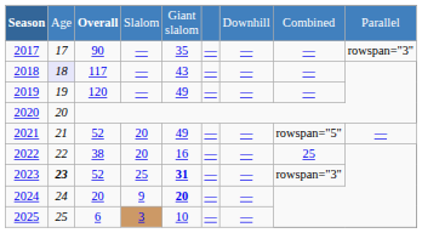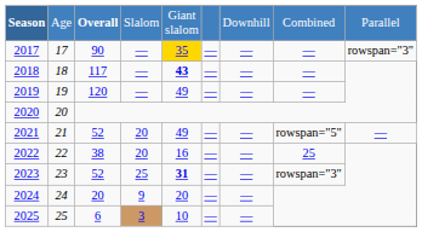 <table class="wikitable"  style="font-size:95%; text-align:center; border:gray solid 1px; width:40%;">
 <tr style="background:#369; color:white;">
 <td rowspan="2" style="width:6%;"><strong>Season</strong></td>
 </tr>
 <tr style="background:#4180be; color:white;">
 <td style="width:3%;">Age</td>
 <td style="width:5%;"><strong>Overall</strong></td>
 <td style="width:5%;">Slalom</td>
 <td style="width:5%;">Giant<br>slalom</td>
 <td style="width:5%;"></td>
 <td style="width:5%;">Downhill</td>
 <td style="width:5%;">Combined</td>
 <td style="width:5%;">Parallel</td>
 </tr>
 <tr>
 <td><a href='#'>2017</a></td>
 <td><em>17</em></td>
 <td><a href='#'>90</a></td>
 <td><a href='#'>—</a></td>
-<td><a href='#'>35</a></td>
+<td style="background: gold;"><a href='#'>35</a></td>
 <td><a href='#'>—</a></td>
 <td><a href='#'>—</a></td>
 <td><a href='#'>—</a></td>
 <td>rowspan="3" </td>
 </tr>
 <tr>
 <td><a href='#'>2018</a></td>
-<td style="background: lavender;"><em>18</em></td>
+<td><em>18</em></td>
 <td><a href='#'>117</a></td>
 <td><a href='#'>—</a></td>
-<td><a href='#'>43</a></td>
+<td><strong><a href='#'>43</a></strong></td>
 <td><a href='#'>—</a></td>
 <td><a href='#'>—</a></td>
 <td><a href='#'>—</a></td>
 </tr>
 <tr>
 <td><a href='#'>2019</a></td>
 <td><em>19</em></td>
 <td><a href='#'>120</a></td>
 <td><a href='#'>—</a></td>
 <td><a href='#'>49</a></td>
 <td><a href='#'>—</a></td>
 <td><a href='#'>—</a></td>
 <td><a href='#'>—</a></td>
 </tr>
 <tr>
 <td><a href='#'>2020</a></td>
 <td><em>20</em></td>
 </tr>
 <tr>
 <td><a href='#'>2021</a></td>
 <td><em>21</em></td>
 <td><a href='#'>52</a></td>
 <td><a href='#'>20</a></td>
 <td><a href='#'>49</a></td>
 <td><a href='#'>—</a></td>
 <td><a href='#'>—</a></td>
 <td>rowspan="5" </td>
 <td><a href='#'>—</a></td>
 </tr>
 <tr>
 <td><a href='#'>2022</a></td>
 <td><em>22</em></td>
 <td><a href='#'>38</a></td>
 <td><a href='#'>20</a></td>
 <td><a href='#'>16</a></td>
 <td><a href='#'>—</a></td>
 <td><a href='#'>—</a></td>
 <td><a href='#'>25</a></td>
 </tr>
 <tr>
 <td><a href='#'>2023</a></td>
-<td><strong><em>23</em></strong></td>
+<td><em>23</em></td>
 <td><a href='#'>52</a></td>
 <td><a href='#'>25</a></td>
 <td><strong><a href='#'>31</a></strong></td>
 <td><a href='#'>—</a></td>
 <td><a href='#'>—</a></td>
 <td>rowspan="3" </td>
 </tr>
 <tr>
 <td><a href='#'>2024</a></td>
 <td><em>24</em></td>
 <td><a href='#'>20</a></td>
 <td><a href='#'>9</a></td>
-<td><strong><a href='#'>20</a></strong></td>
+<td><a href='#'>20</a></td>
 <td><a href='#'>—</a></td>
 <td><a href='#'>—</a></td>
 </tr>
 <tr>
 <td><a href='#'>2025</a></td>
 <td><em>25</em></td>
 <td><a href='#'>6</a></td>
 <td style="background:#c96;"><a href='#'>3</a></td>
 <td><a href='#'>10</a></td>
 <td><a href='#'>—</a></td>
 <td><a href='#'>—</a></td>
 </tr>
 </table>
